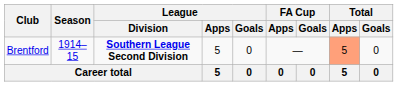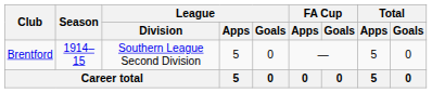 <table class="wikitable" style="text-align: center;">
 <tr>
 <th rowspan="2">Club</th>
 <th rowspan="2">Season</th>
 <th colspan="3">League</th>
 <th colspan="2">FA Cup</th>
 <th colspan="2">Total</th>
 </tr>
 <tr>
 <th>Division</th>
 <th>Apps</th>
 <th>Goals</th>
 <th>Apps</th>
 <th>Goals</th>
 <th>Apps</th>
 <th>Goals</th>
 </tr>
 <tr>
 <td><a href='#'>Brentford</a></td>
 <td><a href='#'>1914–15</a></td>
-<td><strong><a href='#'>Southern League</a> Second Division</strong></td>
+<td><a href='#'>Southern League</a> Second Division</td>
 <td>5</td>
 <td>0</td>
 <td colspan="2">—</td>
-<td style="background: lightsalmon;">5</td>
+<td>5</td>
 <td>0</td>
 </tr>
 <tr>
 <th colspan="3">Career total</th>
 <th>5</th>
 <th>0</th>
 <th>0</th>
 <th>0</th>
 <th>5</th>
 <th>0</th>
 </tr>
 </table>
